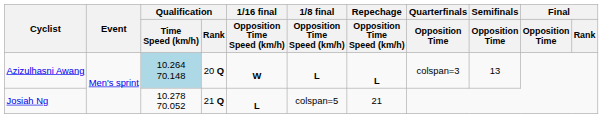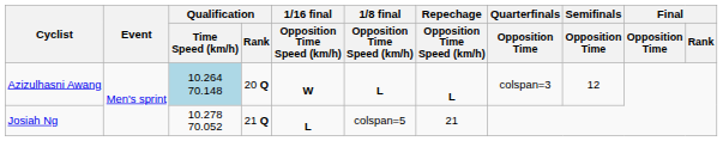 <table class="wikitable" style="font-size:90%">
 <tr>
 <th rowspan=2>Cyclist</th>
 <th rowspan=2>Event</th>
 <th colspan=2>Qualification</th>
 <th>1/16 final</th>
 <th>1/8 final</th>
 <th>Repechage</th>
 <th>Quarterfinals</th>
 <th>Semifinals</th>
 <th colspan=2>Final</th>
 </tr>
 <tr style="font-size:95%">
 <th>Time<br>Speed (km/h)</th>
 <th>Rank</th>
 <th>Opposition<br>Time<br>Speed (km/h)</th>
 <th>Opposition<br>Time<br>Speed (km/h)</th>
 <th>Opposition<br>Time<br>Speed (km/h)</th>
 <th>Opposition<br>Time</th>
 <th>Opposition<br>Time</th>
 <th>Opposition<br>Time</th>
 <th>Rank</th>
 </tr>
 <tr align=center>
 <td align=left><a href='#'>Azizulhasni Awang</a></td>
 <td align=left rowspan=2><a href='#'>Men's sprint</a></td>
 <td style="background: lightblue;">10.264<br>70.148</td>
 <td>20 <strong>Q</strong></td>
 <td><br><strong>W</strong></td>
 <td><br><strong>L</strong></td>
 <td><br><br><strong>L</strong></td>
 <td>colspan=3 </td>
-<td>13</td>
+<td>12</td>
 </tr>
 <tr align=center>
 <td align=left><a href='#'>Josiah Ng</a></td>
 <td>10.278<br>70.052</td>
 <td>21 <strong>Q</strong></td>
 <td><br><strong>L</strong></td>
 <td>colspan=5 </td>
 <td>21</td>
 </tr>
 </table>
